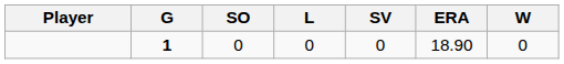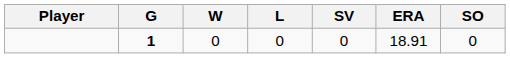 <table class="wikitable sortable">
 <tr>
 <th bgcolor="#DDDDFF" width="16%">Player</th>
 <th bgcolor="#DDDDFF" width="9%">G</th>
-<th bgcolor="#DDDDFF" width="9%">SO</th>
+<th bgcolor="#DDDDFF" width="9%">W</th>
 <th bgcolor="#DDDDFF" width="9%">L</th>
 <th bgcolor="#DDDDFF" width="9%">SV</th>
 <th bgcolor="#DDDDFF" width="9%">ERA</th>
-<th bgcolor="#DDDDFF" width="9%">W</th>
+<th bgcolor="#DDDDFF" width="9%">SO</th>
 </tr>
 <tr align="center">
 <td></td>
 <td><strong>1</strong></td>
 <td>0</td>
 <td>0</td>
 <td>0</td>
-<td>18.90</td>
+<td>18.91</td>
 <td>0</td>
 </tr>
 </table>
